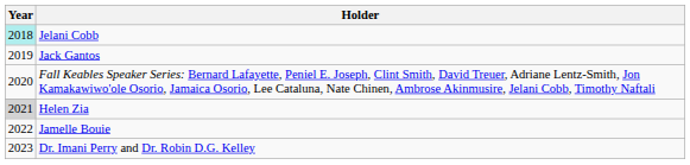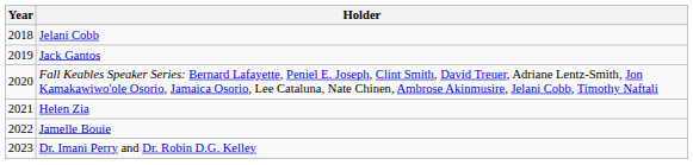 <table class="wikitable">
 <tr>
 <th>Year</th>
 <th>Holder</th>
 </tr>
 <tr>
-<td style="background: paleturquoise;">2018</td>
+<td>2018</td>
 <td><a href='#'>Jelani Cobb</a></td>
 </tr>
 <tr>
 <td>2019</td>
 <td><a href='#'>Jack Gantos</a></td>
 </tr>
 <tr>
 <td>2020</td>
 <td><em>Fall Keables Speaker Series:</em> <a href='#'>Bernard Lafayette</a>, <a href='#'>Peniel E. Joseph</a>, <a href='#'>Clint Smith</a>, <a href='#'>David Treuer</a>, Adriane Lentz-Smith, <a href='#'>Jon Kamakawiwo'ole Osorio</a>, <a href='#'>Jamaica Osorio</a>, Lee Cataluna, Nate Chinen, <a href='#'>Ambrose Akinmusire</a>, <a href='#'>Jelani Cobb</a>, <a href='#'>Timothy Naftali</a> </td>
 </tr>
 <tr>
-<td style="background: lightgrey;">2021</td>
+<td>2021</td>
 <td><a href='#'>Helen Zia</a></td>
 </tr>
 <tr>
 <td>2022</td>
 <td><a href='#'>Jamelle Bouie</a></td>
 </tr>
 <tr>
 <td>2023</td>
 <td><a href='#'>Dr. Imani Perry</a> and <a href='#'>Dr. Robin D.G. Kelley</a></td>
 </tr>
 </table>
